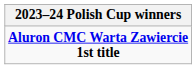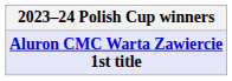 <table class=wikitable style="text-align:center; margin:auto">
 <tr>
 <th>2023–24 Polish Cup winners</th>
 </tr>
 <tr>
-<td><strong><a href='#'>Aluron CMC Warta Zawiercie</a></strong><br><strong>1st title</strong></td>
+<td style="background: lavender;"><strong><a href='#'>Aluron CMC Warta Zawiercie</a></strong><br><strong>1st title</strong></td>
 </tr>
 </table>
